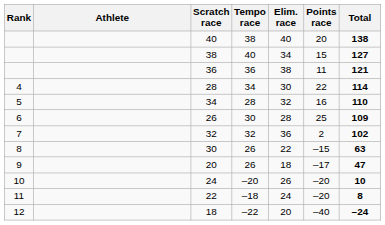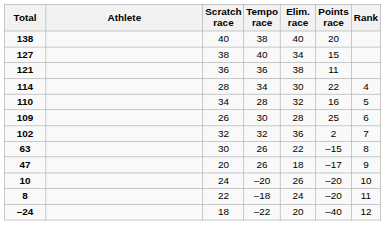 <table class=wikitable style="text-align:center">
 <tr>
-<th width=40>Rank</th>
+<th width=60>Total</th>
 <th width=250>Athlete</th>
 <th width=50>Scratch<br>race</th>
 <th width=50>Tempo<br>race</th>
 <th width=50>Elim.<br>race</th>
 <th width=50>Points<br>race</th>
-<th width=60>Total</th>
+<th width=40>Rank</th>
 </tr>
 <tr>
-<td></td>
+<td><strong>138</strong></td>
 <td align=left></td>
 <td>40</td>
 <td>38</td>
 <td>40</td>
 <td>20</td>
-<td><strong>138</strong></td>
+<td></td>
 </tr>
 <tr>
-<td></td>
+<td><strong>127</strong></td>
 <td align=left></td>
 <td>38</td>
 <td>40</td>
 <td>34</td>
 <td>15</td>
-<td><strong>127</strong></td>
+<td></td>
 </tr>
 <tr>
-<td></td>
+<td><strong>121</strong></td>
 <td align=left></td>
 <td>36</td>
 <td>36</td>
 <td>38</td>
 <td>11</td>
-<td><strong>121</strong></td>
+<td></td>
 </tr>
 <tr>
-<td>4</td>
+<td><strong>114</strong></td>
 <td align=left></td>
 <td>28</td>
 <td>34</td>
 <td>30</td>
 <td>22</td>
-<td><strong>114</strong></td>
+<td>4</td>
 </tr>
 <tr>
-<td>5</td>
+<td><strong>110</strong></td>
 <td align=left></td>
 <td>34</td>
 <td>28</td>
 <td>32</td>
 <td>16</td>
-<td><strong>110</strong></td>
+<td>5</td>
 </tr>
 <tr>
-<td>6</td>
+<td><strong>109</strong></td>
 <td align=left></td>
 <td>26</td>
 <td>30</td>
 <td>28</td>
 <td>25</td>
-<td><strong>109</strong></td>
+<td>6</td>
 </tr>
 <tr>
-<td>7</td>
+<td><strong>102</strong></td>
 <td align=left></td>
 <td>32</td>
 <td>32</td>
 <td>36</td>
 <td>2</td>
-<td><strong>102</strong></td>
+<td>7</td>
 </tr>
 <tr>
-<td>8</td>
+<td><strong>63</strong></td>
 <td align=left></td>
 <td>30</td>
 <td>26</td>
 <td>22</td>
 <td>–15</td>
-<td><strong>63</strong></td>
+<td>8</td>
 </tr>
 <tr>
-<td>9</td>
+<td><strong>47</strong></td>
 <td align=left></td>
 <td>20</td>
 <td>26</td>
 <td>18</td>
 <td>–17</td>
-<td><strong>47</strong></td>
+<td>9</td>
 </tr>
 <tr>
-<td>10</td>
+<td><strong>10</strong></td>
 <td align=left></td>
 <td>24</td>
 <td>–20</td>
 <td>26</td>
 <td>–20</td>
-<td><strong>10</strong></td>
+<td>10</td>
 </tr>
 <tr>
-<td>11</td>
+<td><strong>8</strong></td>
 <td align=left></td>
 <td>22</td>
 <td>–18</td>
 <td>24</td>
 <td>–20</td>
-<td><strong>8</strong></td>
+<td>11</td>
 </tr>
 <tr>
-<td>12</td>
+<td><strong>–24</strong></td>
 <td align=left></td>
 <td>18</td>
 <td>–22</td>
 <td>20</td>
 <td>–40</td>
-<td><strong>–24</strong></td>
+<td>12</td>
 </tr>
 </table>
